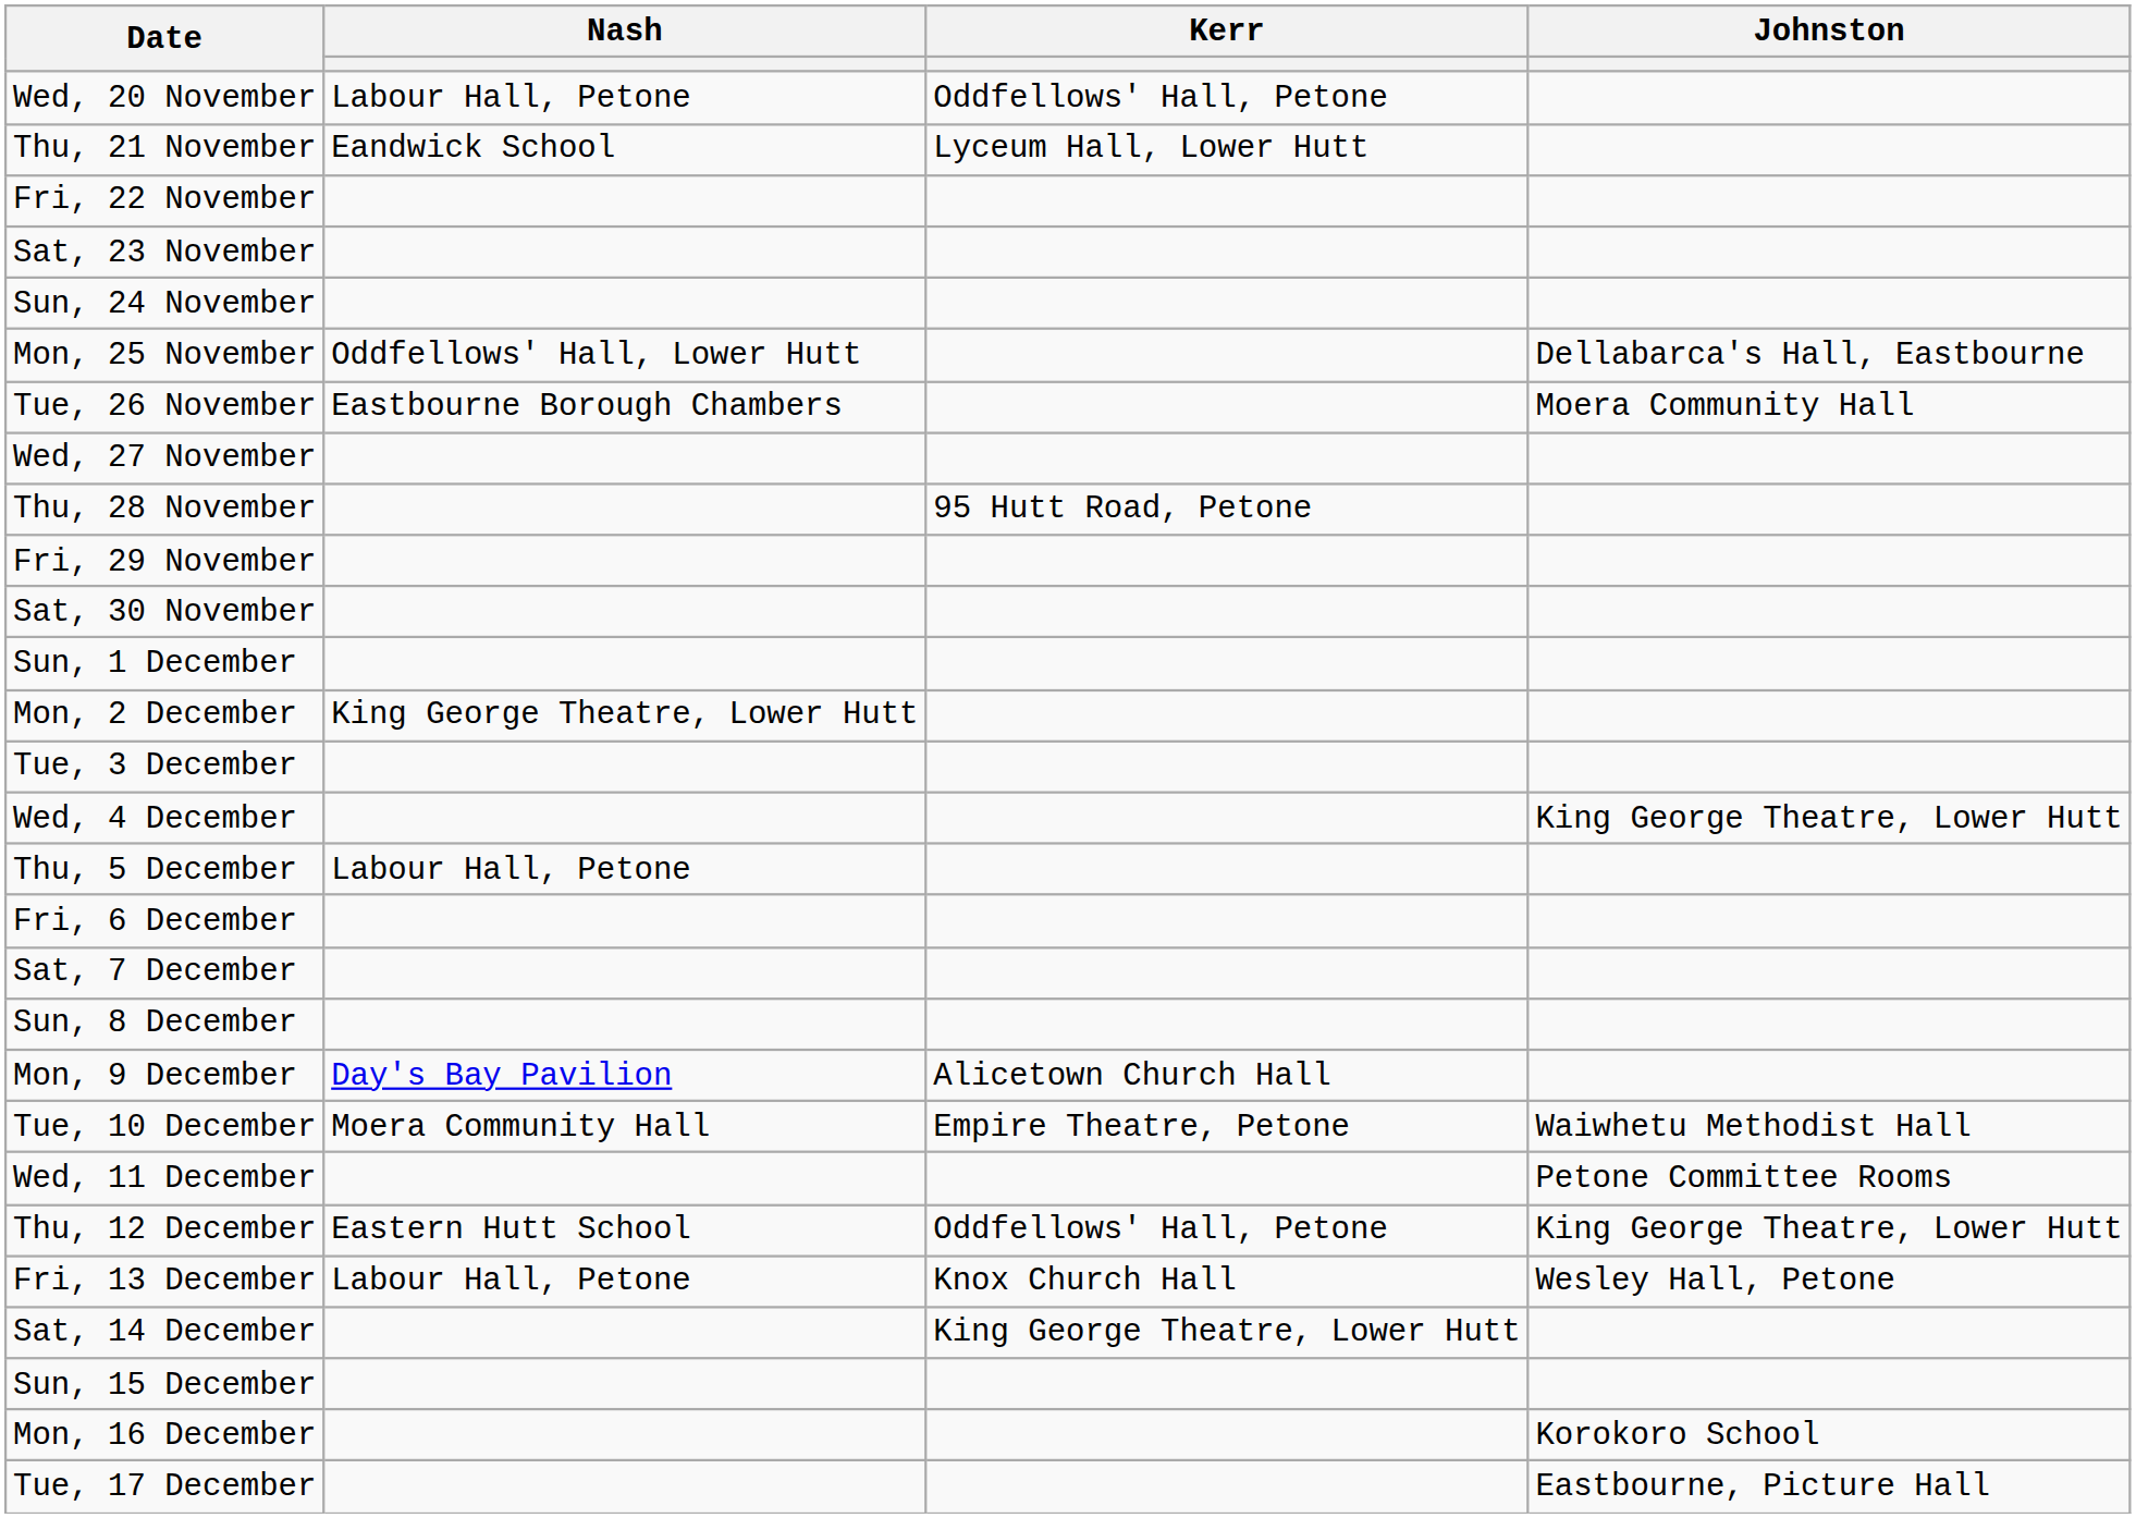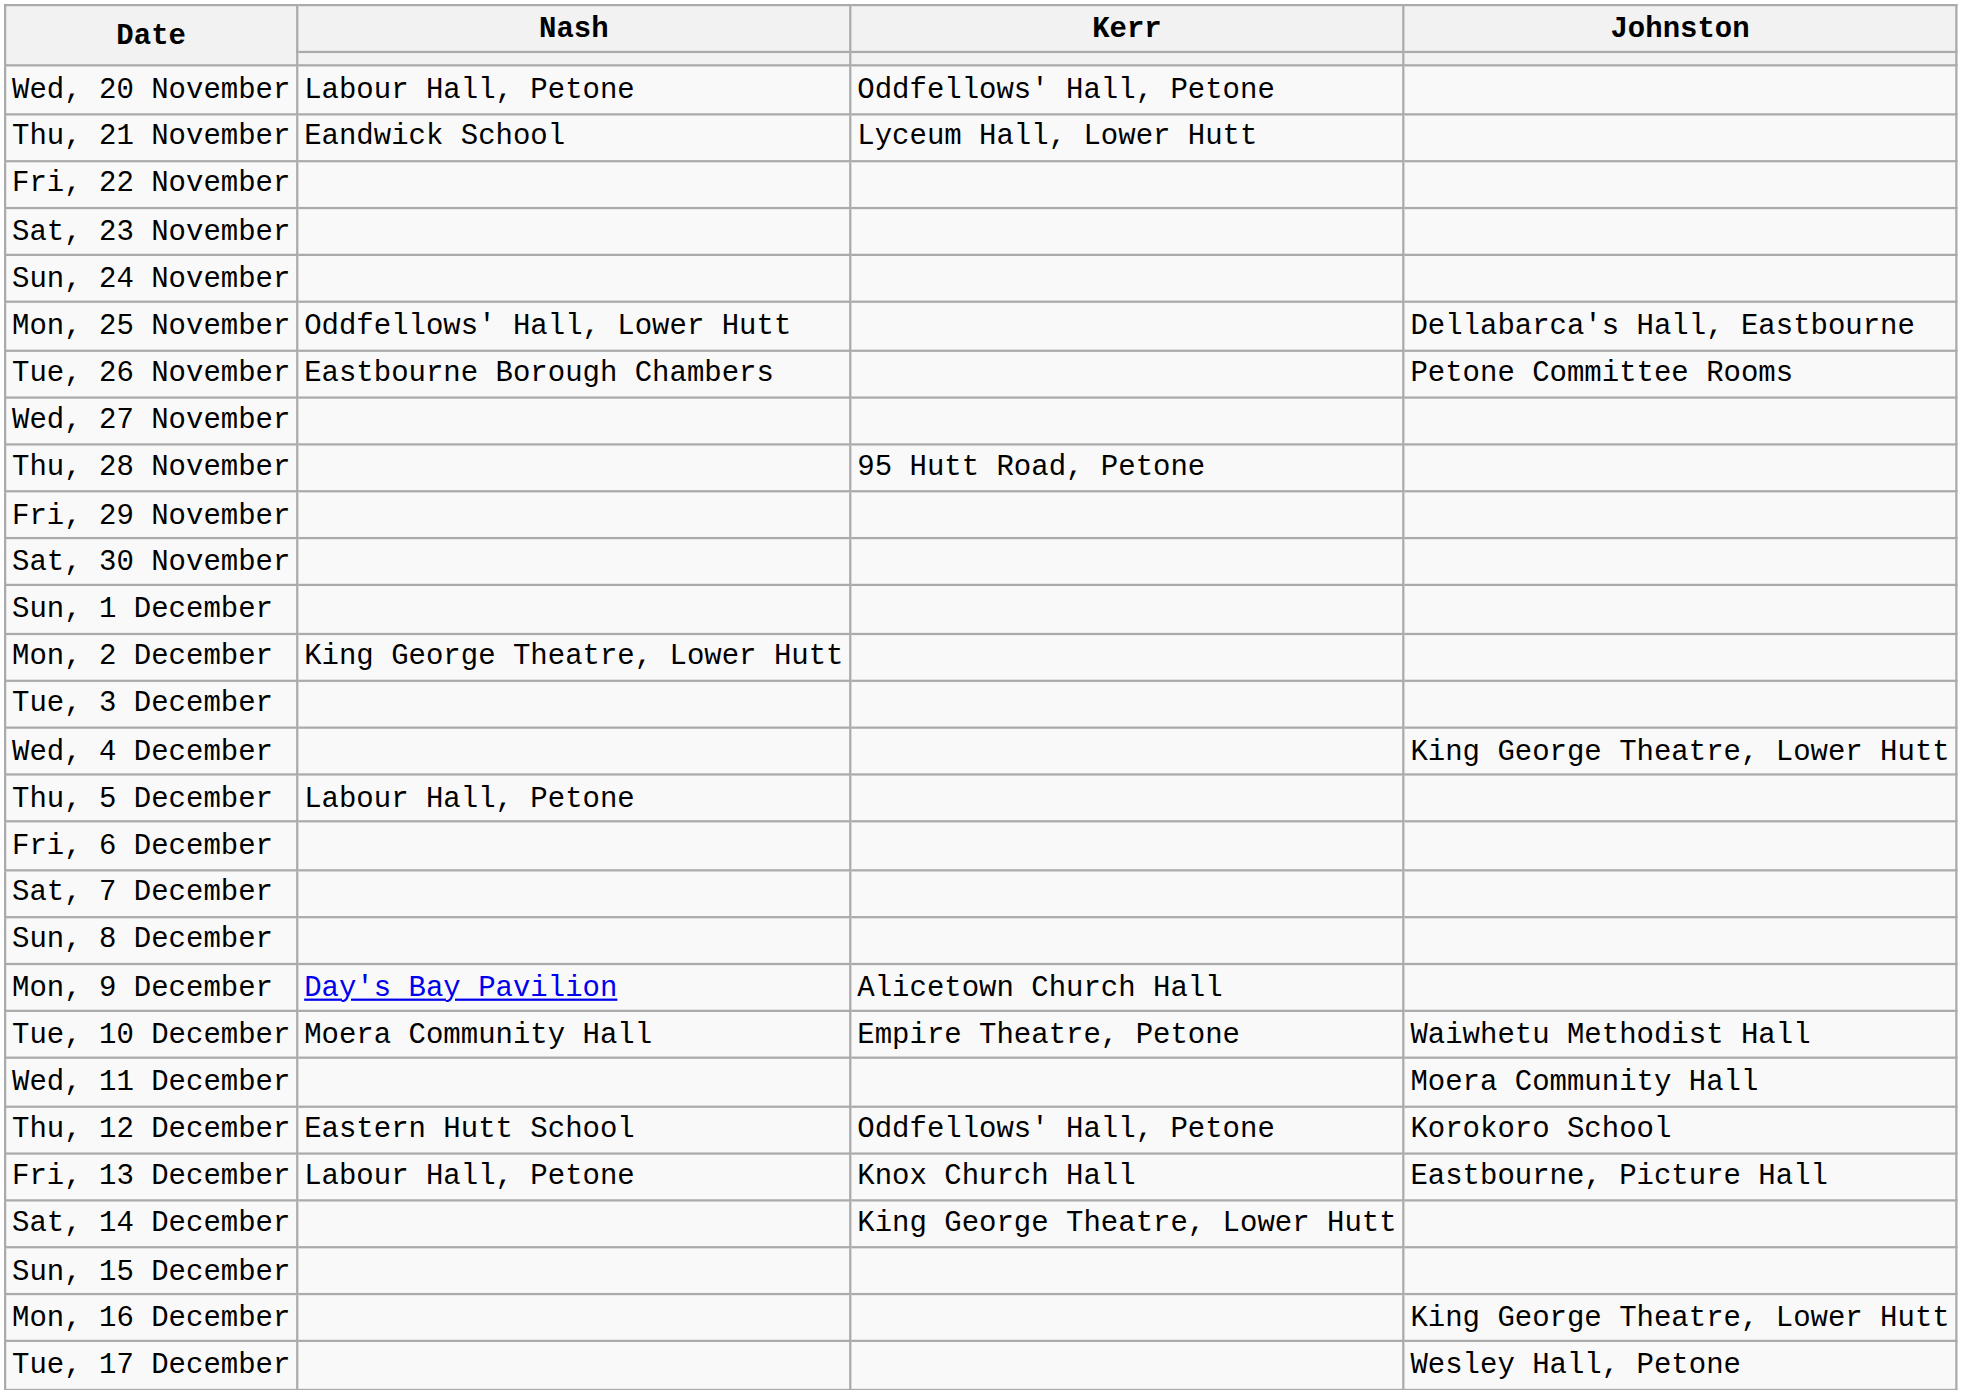 <table class="wikitable">
 <tr>
 <th rowspan="2">Date</th>
 <th>Nash</th>
 <th>Kerr</th>
 <th>Johnston</th>
 </tr>
 <tr>
 <th class="unsortable" style="background:"></th>
 <th class="unsortable" style="background:"></th>
 <th class="unsortable" style="background:"></th>
 </tr>
 <tr>
 <td>Wed, 20 November</td>
 <td>Labour Hall, Petone</td>
 <td>Oddfellows' Hall, Petone</td>
 <td></td>
 </tr>
 <tr>
 <td>Thu, 21 November</td>
 <td>Eandwick School</td>
 <td>Lyceum Hall, Lower Hutt</td>
 <td></td>
 </tr>
 <tr>
 <td>Fri, 22 November</td>
 <td></td>
 <td></td>
 <td></td>
 </tr>
 <tr>
 <td>Sat, 23 November</td>
 <td></td>
 <td></td>
 <td></td>
 </tr>
 <tr>
 <td>Sun, 24 November</td>
 <td></td>
 <td></td>
 <td></td>
 </tr>
 <tr>
 <td>Mon, 25 November</td>
 <td>Oddfellows' Hall, Lower Hutt</td>
 <td></td>
 <td>Dellabarca's Hall, Eastbourne</td>
 </tr>
 <tr>
 <td>Tue, 26 November</td>
 <td>Eastbourne Borough Chambers</td>
 <td></td>
-<td>Moera Community Hall</td>
+<td>Petone Committee Rooms</td>
 </tr>
 <tr>
 <td>Wed, 27 November</td>
 <td></td>
 <td></td>
 <td></td>
 </tr>
 <tr>
 <td>Thu, 28 November</td>
 <td></td>
 <td>95 Hutt Road, Petone</td>
 <td></td>
 </tr>
 <tr>
 <td>Fri, 29 November</td>
 <td></td>
 <td></td>
 <td></td>
 </tr>
 <tr>
 <td>Sat, 30 November</td>
 <td></td>
 <td></td>
 <td></td>
 </tr>
 <tr>
 <td>Sun, 1 December</td>
 <td></td>
 <td></td>
 <td></td>
 </tr>
 <tr>
 <td>Mon, 2 December</td>
 <td>King George Theatre, Lower Hutt</td>
 <td></td>
 <td></td>
 </tr>
 <tr>
 <td>Tue, 3 December</td>
 <td></td>
 <td></td>
 <td></td>
 </tr>
 <tr>
 <td>Wed, 4 December</td>
 <td></td>
 <td></td>
 <td>King George Theatre, Lower Hutt</td>
 </tr>
 <tr>
 <td>Thu, 5 December</td>
 <td>Labour Hall, Petone</td>
 <td></td>
 <td></td>
 </tr>
 <tr>
 <td>Fri, 6 December</td>
 <td></td>
 <td></td>
 <td></td>
 </tr>
 <tr>
 <td>Sat, 7 December</td>
 <td></td>
 <td></td>
 <td></td>
 </tr>
 <tr>
 <td>Sun, 8 December</td>
 <td></td>
 <td></td>
 <td></td>
 </tr>
 <tr>
 <td>Mon, 9 December</td>
 <td><a href='#'>Day's Bay Pavilion</a></td>
 <td>Alicetown Church Hall</td>
 <td></td>
 </tr>
 <tr>
 <td>Tue, 10 December</td>
 <td>Moera Community Hall</td>
 <td>Empire Theatre, Petone</td>
 <td>Waiwhetu Methodist Hall</td>
 </tr>
 <tr>
 <td>Wed, 11 December</td>
 <td></td>
 <td></td>
-<td>Petone Committee Rooms</td>
+<td>Moera Community Hall</td>
 </tr>
 <tr>
 <td>Thu, 12 December</td>
 <td>Eastern Hutt School</td>
 <td>Oddfellows' Hall, Petone</td>
-<td>King George Theatre, Lower Hutt</td>
+<td>Korokoro School</td>
 </tr>
 <tr>
 <td>Fri, 13 December</td>
 <td>Labour Hall, Petone</td>
 <td>Knox Church Hall</td>
-<td>Wesley Hall, Petone</td>
+<td>Eastbourne, Picture Hall</td>
 </tr>
 <tr>
 <td>Sat, 14 December</td>
 <td></td>
 <td>King George Theatre, Lower Hutt</td>
 <td></td>
 </tr>
 <tr>
 <td>Sun, 15 December</td>
 <td></td>
 <td></td>
 <td></td>
 </tr>
 <tr>
 <td>Mon, 16 December</td>
 <td></td>
 <td></td>
-<td>Korokoro School</td>
+<td>King George Theatre, Lower Hutt</td>
 </tr>
 <tr>
 <td>Tue, 17 December</td>
 <td></td>
 <td></td>
-<td>Eastbourne, Picture Hall</td>
+<td>Wesley Hall, Petone</td>
 </tr>
 </table>
